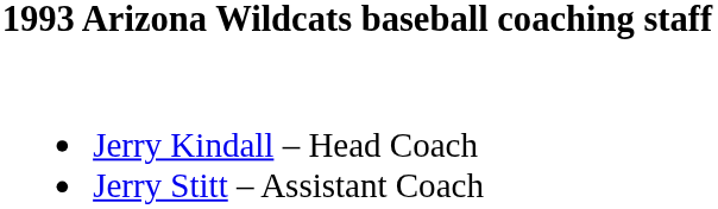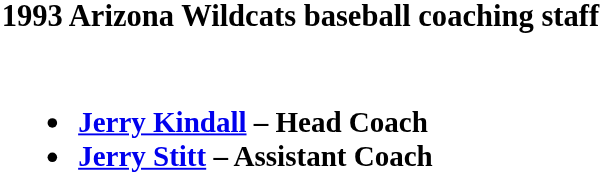 <table class="toccolours">
 <tr>
 <th colspan="9">1993 Arizona Wildcats baseball coaching staff</th>
 </tr>
 <tr>
-<td style="text-align: left; font-size: 95%;" valign="top"><br><ul><li><a href='#'>Jerry Kindall</a> – Head Coach</li><li><a href='#'>Jerry Stitt</a> – Assistant Coach</li></ul></td>
+<td style="text-align: left; font-size: 95%;" valign="top"><strong><br><ul><li><a href='#'>Jerry Kindall</a> – Head Coach</li><li><a href='#'>Jerry Stitt</a> – Assistant Coach</li></ul></strong></td>
 </tr>
 </table>
